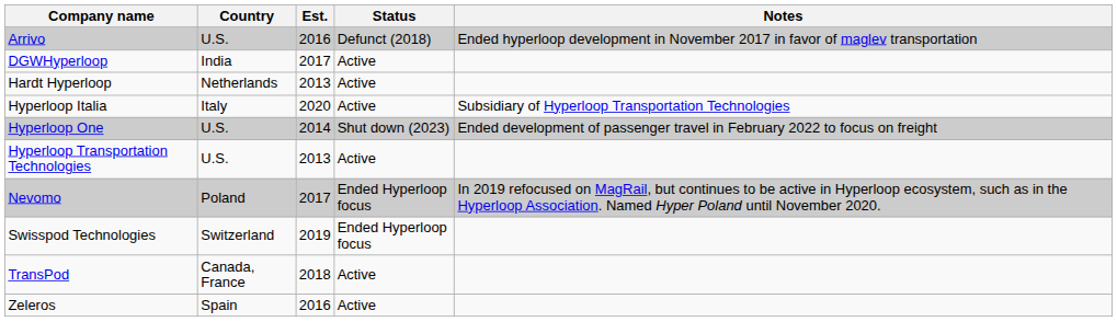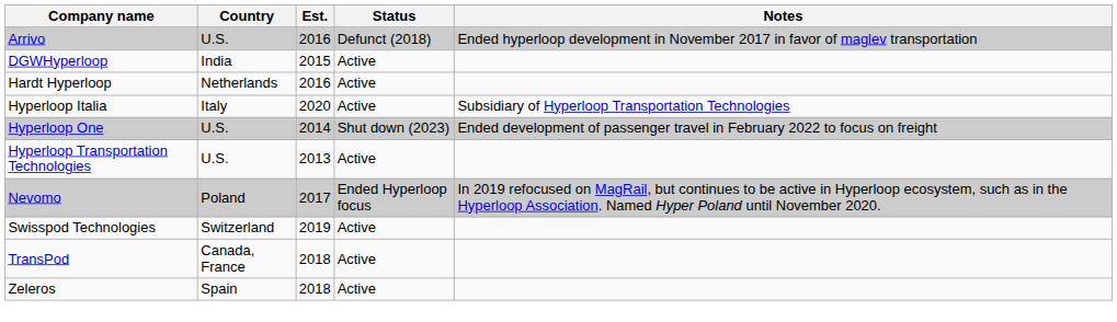 <table class="wikitable sortable">
 <tr>
 <th>Company name</th>
 <th>Country</th>
 <th>Est.</th>
 <th>Status</th>
 <th>Notes</th>
 </tr>
 <tr style="background-color:#CCC;">
 <td><a href='#'>Arrivo</a></td>
 <td>U.S.</td>
 <td>2016</td>
 <td>Defunct (2018)</td>
 <td>Ended hyperloop development in November 2017 in favor of <a href='#'>maglev</a> transportation</td>
 </tr>
 <tr>
 <td><a href='#'>DGWHyperloop</a></td>
 <td>India</td>
-<td>2017</td>
+<td>2015</td>
 <td>Active</td>
 <td></td>
 </tr>
 <tr>
 <td>Hardt Hyperloop</td>
 <td>Netherlands</td>
-<td>2013</td>
+<td>2016</td>
 <td>Active</td>
 <td></td>
 </tr>
 <tr>
 <td>Hyperloop Italia</td>
 <td>Italy</td>
 <td>2020</td>
 <td>Active</td>
 <td>Subsidiary of <a href='#'>Hyperloop Transportation Technologies</a></td>
 </tr>
 <tr style="background-color:#CCC;">
 <td><a href='#'>Hyperloop One</a></td>
 <td>U.S.</td>
 <td>2014</td>
 <td>Shut down (2023)</td>
 <td>Ended development of passenger travel in February 2022 to focus on freight</td>
 </tr>
 <tr>
 <td><a href='#'>Hyperloop Transportation Technologies</a></td>
 <td>U.S.</td>
 <td>2013</td>
 <td>Active</td>
 <td></td>
 </tr>
 <tr style="background-color:#CCC;">
 <td><a href='#'>Nevomo</a></td>
 <td>Poland</td>
 <td>2017</td>
 <td>Ended Hyperloop focus</td>
 <td>In 2019 refocused on <a href='#'>MagRail</a>, but continues to be active in Hyperloop ecosystem, such as in the <a href='#'>Hyperloop Association</a>. Named <em>Hyper Poland</em> until November 2020.</td>
 </tr>
 <tr>
 <td>Swisspod Technologies</td>
 <td>Switzerland</td>
 <td>2019</td>
-<td>Ended Hyperloop focus</td>
+<td>Active</td>
 <td></td>
 </tr>
 <tr>
 <td><a href='#'>TransPod</a></td>
 <td>Canada, France</td>
 <td>2018</td>
 <td>Active</td>
 <td></td>
 </tr>
 <tr>
 <td>Zeleros</td>
 <td>Spain</td>
-<td>2016</td>
+<td>2018</td>
 <td>Active</td>
 <td></td>
 </tr>
 </table>
